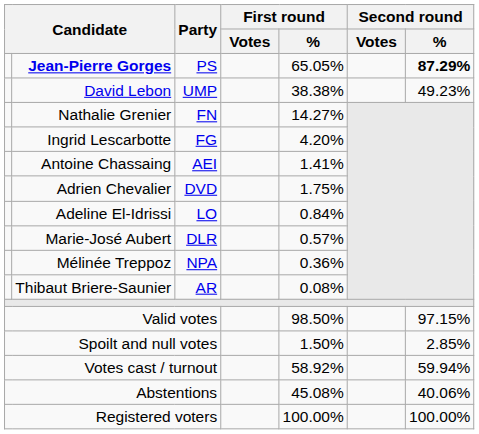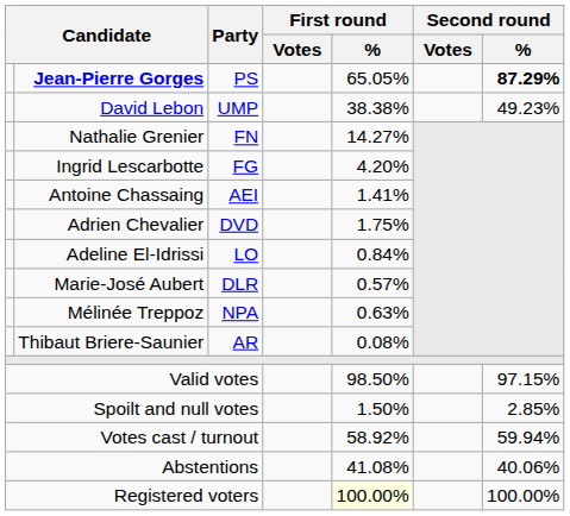 <table class="wikitable" style="text-align:right;font-size:95%;">
 <tr>
 <th rowspan=2 colspan=2>Candidate</th>
 <th rowspan=2 colspan=1>Party</th>
 <th colspan=2>First round</th>
 <th colspan=2>Second round</th>
 </tr>
 <tr>
 <th style="width:50px;">Votes</th>
 <th style="width:55px;">%</th>
 <th style="width:50px;">Votes</th>
 <th style="width:55px;">%</th>
 </tr>
 <tr>
 <td style="color:inherit;background-color:"></td>
 <td><strong><a href='#'>Jean-Pierre Gorges</a></strong></td>
 <td><a href='#'>PS</a></td>
 <td></td>
 <td>65.05%</td>
 <td><strong></strong></td>
 <td><strong>87.29%</strong></td>
 </tr>
 <tr>
 <td style="color:inherit;background-color:"></td>
 <td><a href='#'>David Lebon</a></td>
 <td><a href='#'>UMP</a></td>
 <td></td>
 <td>38.38%</td>
 <td></td>
 <td>49.23%</td>
 </tr>
 <tr>
 <td style="color:inherit;background-color:"></td>
 <td>Nathalie Grenier</td>
 <td><a href='#'>FN</a></td>
 <td></td>
 <td>14.27%</td>
 <td colspan=7 rowspan=8 style="background-color:#E9E9E9;"></td>
 </tr>
 <tr>
 <td style="color:inherit;background-color:"></td>
 <td>Ingrid Lescarbotte</td>
 <td><a href='#'>FG</a></td>
 <td></td>
 <td>4.20%</td>
 </tr>
 <tr>
 <td style="color:inherit;background-color:"></td>
 <td>Antoine Chassaing</td>
 <td><a href='#'>AEI</a></td>
 <td></td>
 <td>1.41%</td>
 </tr>
 <tr>
 <td style="background-color:;"></td>
 <td>Adrien Chevalier</td>
 <td><a href='#'>DVD</a> </td>
 <td></td>
 <td>1.75%</td>
 </tr>
 <tr>
 <td style="color:inherit;background-color:"></td>
 <td>Adeline El-Idrissi</td>
 <td><a href='#'>LO</a></td>
 <td></td>
 <td>0.84%</td>
 </tr>
 <tr>
 <td style="color:inherit;background-color:"></td>
 <td>Marie-José Aubert</td>
 <td><a href='#'>DLR</a></td>
 <td></td>
 <td>0.57%</td>
 </tr>
 <tr>
 <td style="color:inherit;background-color:"></td>
 <td>Mélinée Treppoz</td>
 <td><a href='#'>NPA</a></td>
 <td></td>
-<td>0.36%</td>
+<td>0.63%</td>
 </tr>
 <tr>
 <td style="color:inherit;background-color:"></td>
 <td>Thibaut Briere-Saunier</td>
 <td><a href='#'>AR</a></td>
 <td></td>
 <td>0.08%</td>
 </tr>
 <tr>
 <td colspan=7 style="background-color:#E9E9E9;"></td>
 </tr>
 <tr>
 <td colspan=3>Valid votes</td>
 <td></td>
 <td>98.50%</td>
 <td></td>
 <td>97.15%</td>
 </tr>
 <tr>
 <td colspan=3>Spoilt and null votes</td>
 <td></td>
 <td>1.50%</td>
 <td></td>
 <td>2.85%</td>
 </tr>
 <tr>
 <td colspan=3>Votes cast / turnout</td>
 <td></td>
 <td>58.92%</td>
 <td></td>
 <td>59.94%</td>
 </tr>
 <tr>
 <td colspan=3>Abstentions</td>
 <td></td>
-<td>45.08%</td>
+<td>41.08%</td>
 <td></td>
 <td>40.06%</td>
 </tr>
 <tr>
 <td colspan=3>Registered voters</td>
 <td></td>
-<td>100.00%</td>
+<td style="background: lightyellow;">100.00%</td>
 <td></td>
 <td>100.00%</td>
 </tr>
 </table>
